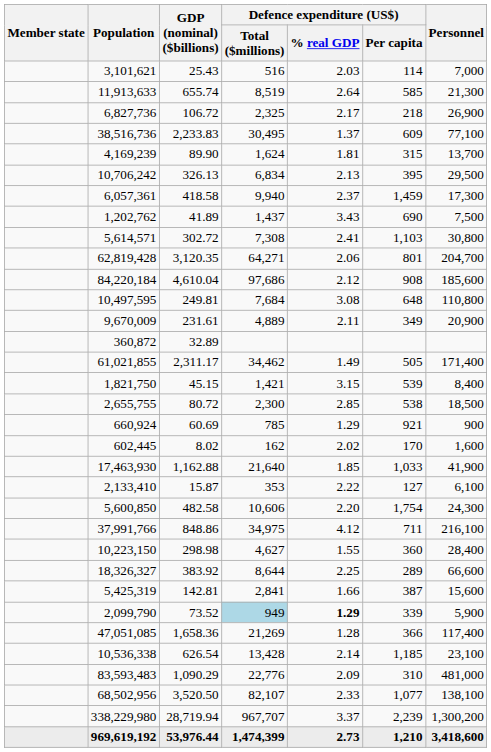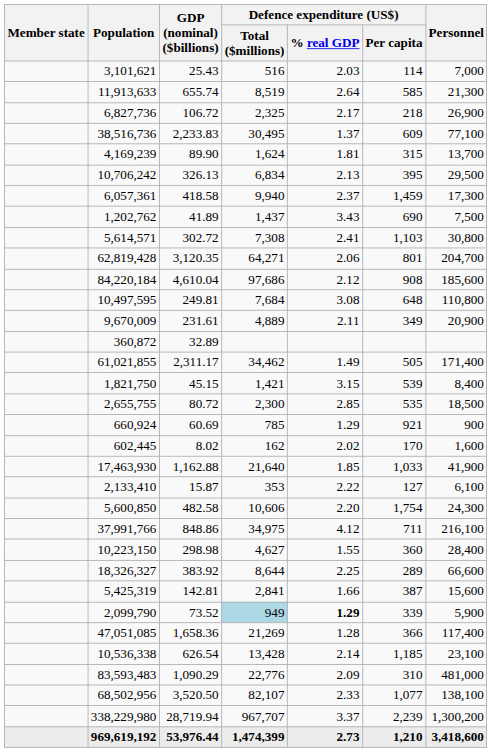 <table class="wikitable sortable sticky-header-multi" style="text-align:right">
 <tr>
 <th rowspan="2">Member state</th>
 <th rowspan="2">Popu­lation</th>
 <th rowspan="2">GDP<br>(nomi­nal)<br>($billions)</th>
 <th colspan="3">Defence expenditure (US$)</th>
 <th rowspan="2">Person­nel</th>
 </tr>
 <tr>
 <th>Total<br>($mil­lions)</th>
 <th>% <a href='#'>real GDP</a></th>
 <th>Per capita</th>
 </tr>
 <tr>
 <td style="text-align:left"></td>
 <td>3,101,621</td>
 <td>25.43</td>
 <td>516</td>
 <td>2.03</td>
 <td>114</td>
 <td>7,000</td>
 </tr>
 <tr>
 <td style="text-align:left"></td>
 <td>11,913,633</td>
 <td>655.74</td>
 <td>8,519</td>
 <td>2.64</td>
 <td>585</td>
 <td>21,300</td>
 </tr>
 <tr>
 <td style="text-align:left"></td>
 <td>6,827,736</td>
 <td>106.72</td>
 <td>2,325</td>
 <td>2.17</td>
 <td>218</td>
 <td>26,900</td>
 </tr>
 <tr>
 <td style="text-align:left"></td>
 <td>38,516,736</td>
 <td>2,233.83</td>
 <td>30,495</td>
 <td>1.37</td>
 <td>609</td>
 <td>77,100</td>
 </tr>
 <tr>
 <td style="text-align:left"></td>
 <td>4,169,239</td>
 <td>89.90</td>
 <td>1,624</td>
 <td>1.81</td>
 <td>315</td>
 <td>13,700</td>
 </tr>
 <tr>
 <td style="text-align:left"></td>
 <td>10,706,242</td>
 <td>326.13</td>
 <td>6,834</td>
 <td>2.13</td>
 <td>395</td>
 <td>29,500</td>
 </tr>
 <tr>
 <td style="text-align:left"></td>
 <td>6,057,361</td>
 <td>418.58</td>
 <td>9,940</td>
 <td>2.37</td>
 <td>1,459</td>
 <td>17,300</td>
 </tr>
 <tr>
 <td style="text-align:left"></td>
 <td>1,202,762</td>
 <td>41.89</td>
 <td>1,437</td>
 <td>3.43</td>
 <td>690</td>
 <td>7,500</td>
 </tr>
 <tr>
 <td style="text-align:left"></td>
 <td>5,614,571</td>
 <td>302.72</td>
 <td>7,308</td>
 <td>2.41</td>
 <td>1,103</td>
 <td>30,800</td>
 </tr>
 <tr>
 <td style="text-align:left"></td>
 <td>62,819,428</td>
 <td>3,120.35</td>
 <td>64,271</td>
 <td>2.06</td>
 <td>801</td>
 <td>204,700</td>
 </tr>
 <tr>
 <td style="text-align:left"></td>
 <td>84,220,184</td>
 <td>4,610.04</td>
 <td>97,686</td>
 <td>2.12</td>
 <td>908</td>
 <td>185,600</td>
 </tr>
 <tr>
 <td style="text-align:left"></td>
 <td>10,497,595</td>
 <td>249.81</td>
 <td>7,684</td>
 <td>3.08</td>
 <td>648</td>
 <td>110,800</td>
 </tr>
 <tr>
 <td style="text-align:left"></td>
 <td>9,670,009</td>
 <td>231.61</td>
 <td>4,889</td>
 <td>2.11</td>
 <td>349</td>
 <td>20,900</td>
 </tr>
 <tr>
 <td style="text-align:left"></td>
 <td>360,872</td>
 <td>32.89</td>
 <td></td>
 <td></td>
 <td></td>
 <td></td>
 </tr>
 <tr>
 <td style="text-align:left"></td>
 <td>61,021,855</td>
 <td>2,311.17</td>
 <td>34,462</td>
 <td>1.49</td>
 <td>505</td>
 <td>171,400</td>
 </tr>
 <tr>
 <td style="text-align:left"></td>
 <td>1,821,750</td>
 <td>45.15</td>
 <td>1,421</td>
 <td>3.15</td>
 <td>539</td>
 <td>8,400</td>
 </tr>
 <tr>
 <td style="text-align:left"></td>
 <td>2,655,755</td>
 <td>80.72</td>
 <td>2,300</td>
 <td>2.85</td>
-<td>538</td>
+<td>535</td>
 <td>18,500</td>
 </tr>
 <tr>
 <td style="text-align:left"></td>
 <td>660,924</td>
 <td>60.69</td>
 <td>785</td>
 <td>1.29</td>
 <td>921</td>
 <td>900</td>
 </tr>
 <tr>
 <td style="text-align:left"></td>
 <td>602,445</td>
 <td>8.02</td>
 <td>162</td>
 <td>2.02</td>
 <td>170</td>
 <td>1,600</td>
 </tr>
 <tr>
 <td style="text-align:left"></td>
 <td>17,463,930</td>
 <td>1,162.88</td>
 <td>21,640</td>
 <td>1.85</td>
 <td>1,033</td>
 <td>41,900</td>
 </tr>
 <tr>
 <td style="text-align:left"></td>
 <td>2,133,410</td>
 <td>15.87</td>
 <td>353</td>
 <td>2.22</td>
 <td>127</td>
 <td>6,100</td>
 </tr>
 <tr>
 <td style="text-align:left"></td>
 <td>5,600,850</td>
 <td>482.58</td>
 <td>10,606</td>
 <td>2.20</td>
 <td>1,754</td>
 <td>24,300</td>
 </tr>
 <tr>
 <td style="text-align:left"></td>
 <td>37,991,766</td>
 <td>848.86</td>
 <td>34,975</td>
 <td>4.12</td>
 <td>711</td>
 <td>216,100</td>
 </tr>
 <tr>
 <td style="text-align:left"></td>
 <td>10,223,150</td>
 <td>298.98</td>
 <td>4,627</td>
 <td>1.55</td>
 <td>360</td>
 <td>28,400</td>
 </tr>
 <tr>
 <td style="text-align:left"></td>
 <td>18,326,327</td>
 <td>383.92</td>
 <td>8,644</td>
 <td>2.25</td>
 <td>289</td>
 <td>66,600</td>
 </tr>
 <tr>
 <td style="text-align:left"></td>
 <td>5,425,319</td>
 <td>142.81</td>
 <td>2,841</td>
 <td>1.66</td>
 <td>387</td>
 <td>15,600</td>
 </tr>
 <tr>
 <td style="text-align:left"></td>
 <td>2,099,790</td>
 <td>73.52</td>
 <td style="background: lightblue;">949</td>
 <td><strong>1.29</strong></td>
 <td>339</td>
 <td>5,900</td>
 </tr>
 <tr>
 <td style="text-align:left"></td>
 <td>47,051,085</td>
 <td>1,658.36</td>
 <td>21,269</td>
 <td>1.28</td>
 <td>366</td>
 <td>117,400</td>
 </tr>
 <tr>
 <td style="text-align:left"></td>
 <td>10,536,338</td>
 <td>626.54</td>
 <td>13,428</td>
 <td>2.14</td>
 <td>1,185</td>
 <td>23,100</td>
 </tr>
 <tr>
 <td style="text-align:left"></td>
 <td>83,593,483</td>
 <td>1,090.29</td>
 <td>22,776</td>
 <td>2.09</td>
 <td>310</td>
 <td>481,000</td>
 </tr>
 <tr>
 <td style="text-align:left"></td>
 <td>68,502,956</td>
 <td>3,520.50</td>
 <td>82,107</td>
 <td>2.33</td>
 <td>1,077</td>
 <td>138,100</td>
 </tr>
 <tr>
 <td style="text-align:left"></td>
 <td>338,229,980</td>
 <td>28,719.94</td>
 <td>967,707</td>
 <td>3.37</td>
 <td>2,239</td>
 <td>1,300,200</td>
 </tr>
 <tr class="sortbottom" style="background:#ececec">
 <td align=left><strong></strong></td>
 <td><strong>969,619,192</strong></td>
 <td><strong>53,976.44</strong></td>
 <td><strong>1,474,399</strong></td>
 <td><strong>2.73</strong></td>
 <td><strong>1,210</strong></td>
 <td><strong>3,418,600</strong></td>
 </tr>
 </table>
